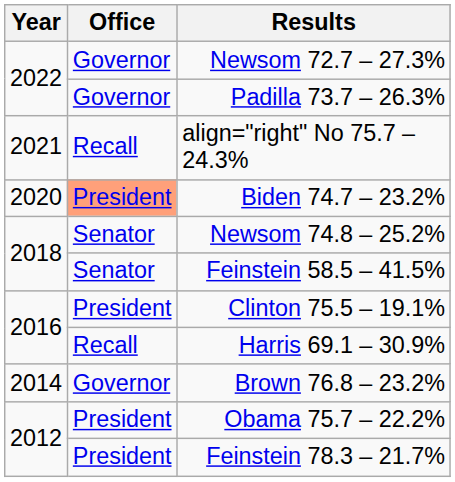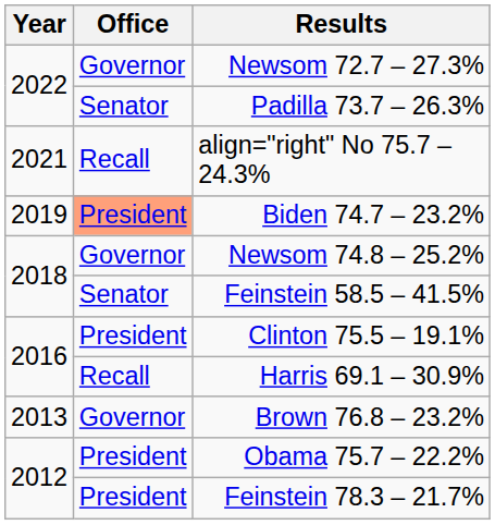 <table class=wikitable>
 <tr>
 <th width="30">Year</th>
 <th width="60">Office</th>
 <th width="180">Results</th>
 </tr>
 <tr>
 <td rowspan="2">2022</td>
 <td><a href='#'>Governor</a></td>
 <td align="right" ><a href='#'>Newsom</a> 72.7 – 27.3%</td>
 </tr>
 <tr>
-<td><a href='#'>Governor</a></td>
+<td><a href='#'>Senator</a></td>
 <td align="right" ><a href='#'>Padilla</a> 73.7 – 26.3%</td>
 </tr>
 <tr>
 <td>2021</td>
 <td><a href='#'>Recall</a></td>
 <td>align="right"  No 75.7 – 24.3%</td>
 </tr>
 <tr>
-<td>2020</td>
+<td>2019</td>
 <td style="background: lightsalmon;"><a href='#'>President</a></td>
 <td align="right" ><a href='#'>Biden</a> 74.7 – 23.2%</td>
 </tr>
 <tr>
 <td rowspan="2">2018</td>
-<td><a href='#'>Senator</a></td>
+<td><a href='#'>Governor</a></td>
 <td align="right" ><a href='#'>Newsom</a> 74.8 – 25.2%</td>
 </tr>
 <tr>
 <td><a href='#'>Senator</a></td>
 <td align="right" ><a href='#'>Feinstein</a> 58.5 – 41.5%</td>
 </tr>
 <tr>
 <td rowspan="2">2016</td>
 <td><a href='#'>President</a></td>
 <td align="right" ><a href='#'>Clinton</a> 75.5 – 19.1%</td>
 </tr>
 <tr>
 <td><a href='#'>Recall</a></td>
 <td align="right" ><a href='#'>Harris</a> 69.1 – 30.9%</td>
 </tr>
 <tr>
-<td>2014</td>
+<td>2013</td>
 <td><a href='#'>Governor</a></td>
 <td align="right" ><a href='#'>Brown</a> 76.8 – 23.2%</td>
 </tr>
 <tr>
 <td rowspan="2">2012</td>
 <td><a href='#'>President</a></td>
 <td align="right" ><a href='#'>Obama</a> 75.7 – 22.2%</td>
 </tr>
 <tr>
 <td><a href='#'>President</a></td>
 <td align="right" ><a href='#'>Feinstein</a> 78.3 – 21.7%</td>
 </tr>
 </table>
